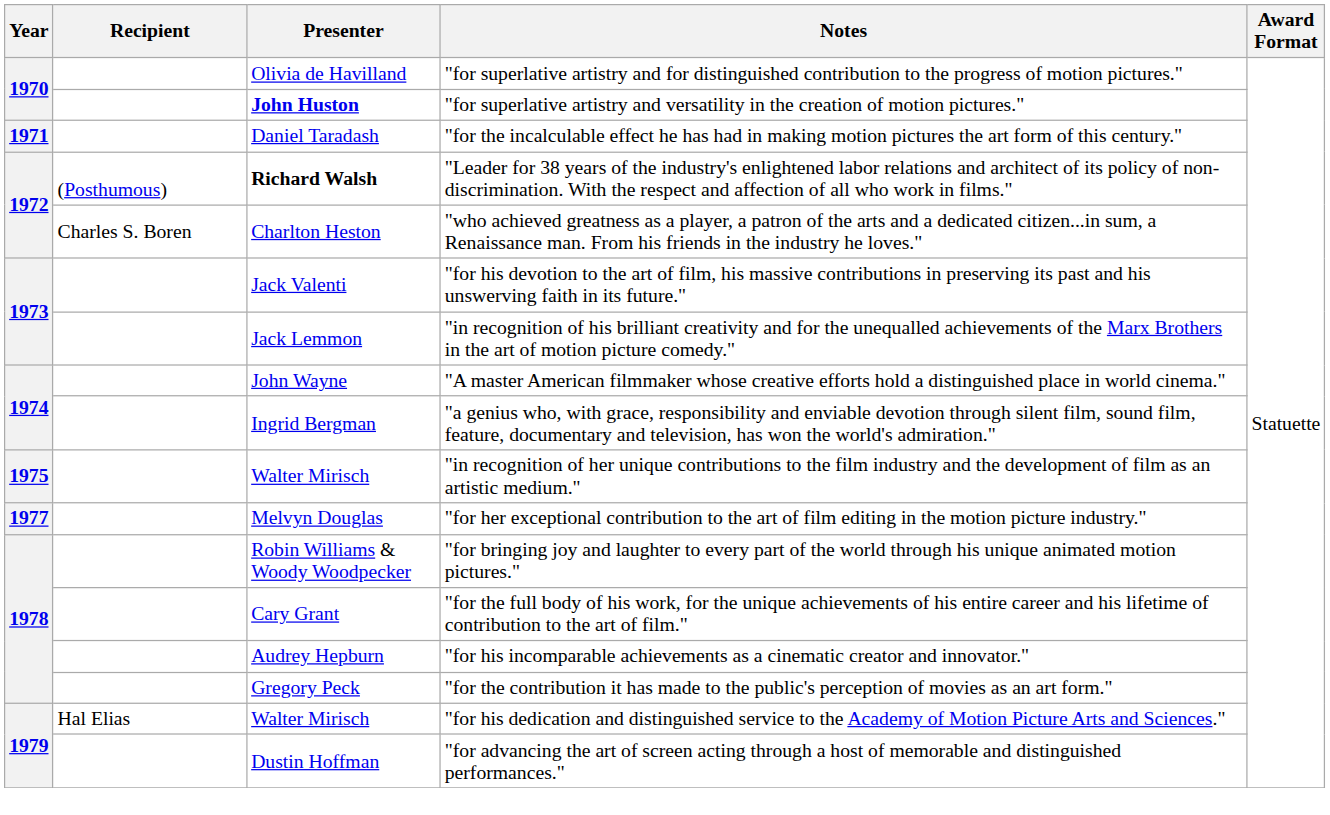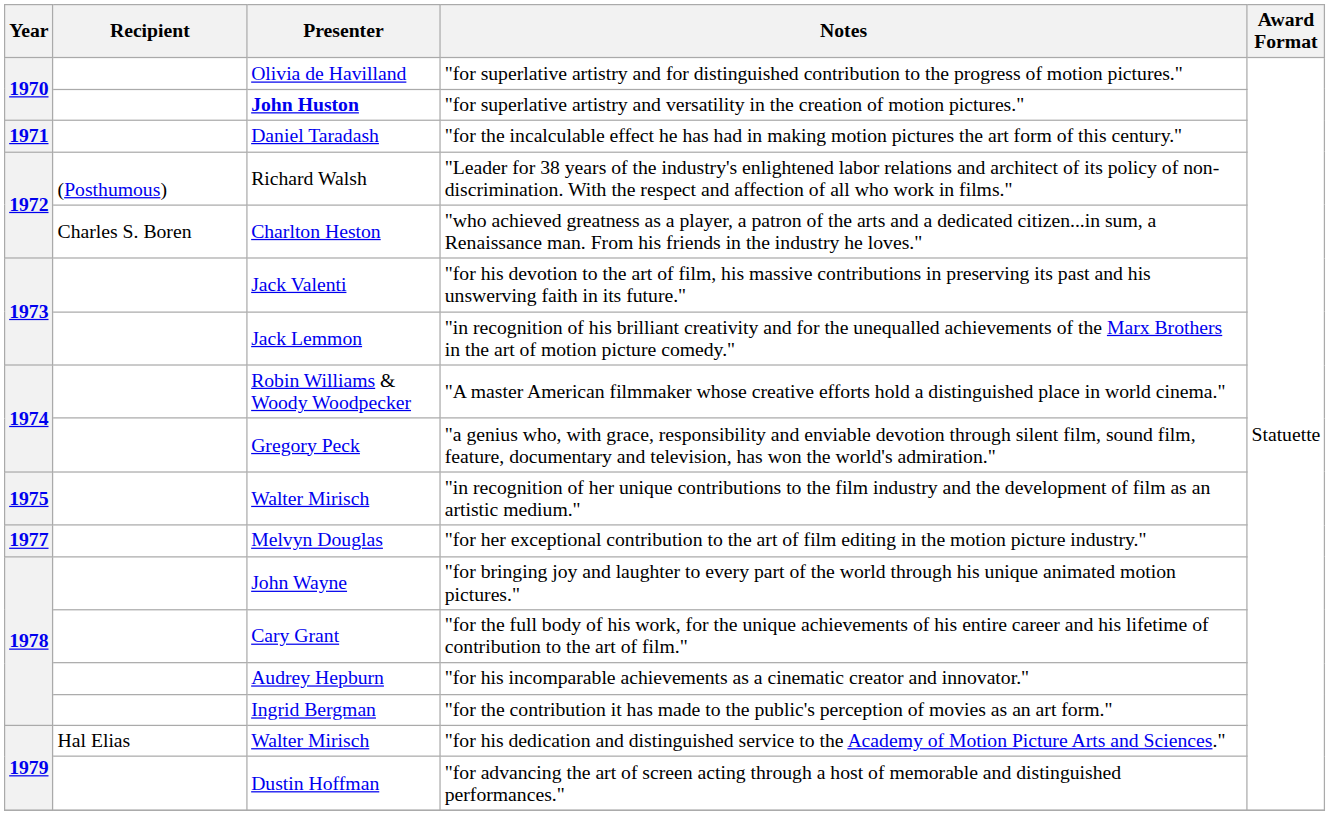 <table class="wikitable sortable" width="85%" style="background:#ffffff;" style="text-align:center;">
 <tr>
 <th width=30>Year</th>
 <th width=150>Recipient</th>
 <th width=150>Presenter</th>
 <th class=unsortable>Notes</th>
 <th width=50>Award Format</th>
 </tr>
 <tr>
 <th rowspan="2"><a href='#'>1970</a></th>
 <td></td>
 <td><a href='#'>Olivia de Havilland</a></td>
 <td>"for superlative artistry and for distinguished contribution to the progress of motion pictures."</td>
 <td rowspan="17">Statuette</td>
 </tr>
 <tr>
 <td></td>
 <td><strong><a href='#'>John Huston</a></strong></td>
 <td>"for superlative artistry and versatility in the creation of motion pictures."</td>
 </tr>
 <tr>
 <th><a href='#'>1971</a></th>
 <td></td>
 <td><a href='#'>Daniel Taradash</a></td>
 <td>"for the incalculable effect he has had in making motion pictures the art form of this century."</td>
 </tr>
 <tr>
 <th rowspan="2"><a href='#'>1972</a></th>
 <td><br>(<a href='#'>Posthumous</a>)</td>
-<td><strong>Richard Walsh</strong></td>
+<td>Richard Walsh</td>
 <td>"Leader for 38 years of the industry's enlightened labor relations and architect of its policy of non-discrimination. With the respect and affection of all who work in films."</td>
 </tr>
 <tr>
 <td>Charles S. Boren</td>
 <td><a href='#'>Charlton Heston</a></td>
 <td>"who achieved greatness as a player, a patron of the arts and a dedicated citizen...in sum, a Renaissance man. From his friends in the industry he loves."</td>
 </tr>
 <tr>
 <th rowspan="2"><a href='#'>1973</a></th>
 <td></td>
 <td><a href='#'>Jack Valenti</a></td>
 <td>"for his devotion to the art of film, his massive contributions in preserving its past and his unswerving faith in its future."</td>
 </tr>
 <tr>
 <td></td>
 <td><a href='#'>Jack Lemmon</a></td>
 <td>"in recognition of his brilliant creativity and for the unequalled achievements of the <a href='#'>Marx Brothers</a> in the art of motion picture comedy."</td>
 </tr>
 <tr>
 <th rowspan="2"><a href='#'>1974</a></th>
 <td></td>
-<td><a href='#'>John Wayne</a></td>
+<td><a href='#'>Robin Williams</a> & <a href='#'>Woody Woodpecker</a></td>
 <td>"A master American filmmaker whose creative efforts hold a distinguished place in world cinema."</td>
 </tr>
 <tr>
 <td></td>
-<td><a href='#'>Ingrid Bergman</a></td>
+<td><a href='#'>Gregory Peck</a></td>
 <td>"a genius who, with grace, responsibility and enviable devotion through silent film, sound film, feature, documentary and television, has won the world's admiration."</td>
 </tr>
 <tr>
 <th><a href='#'>1975</a></th>
 <td></td>
 <td><a href='#'>Walter Mirisch</a></td>
 <td>"in recognition of her unique contributions to the film industry and the development of film as an artistic medium."</td>
 </tr>
 <tr>
 <th><a href='#'>1977</a></th>
 <td></td>
 <td><a href='#'>Melvyn Douglas</a></td>
 <td>"for her exceptional contribution to the art of film editing in the motion picture industry."</td>
 </tr>
 <tr>
 <th rowspan="4"><a href='#'>1978</a></th>
 <td></td>
-<td><a href='#'>Robin Williams</a> & <a href='#'>Woody Woodpecker</a></td>
+<td><a href='#'>John Wayne</a></td>
 <td>"for bringing joy and laughter to every part of the world through his unique animated motion pictures."</td>
 </tr>
 <tr>
 <td></td>
 <td><a href='#'>Cary Grant</a></td>
 <td>"for the full body of his work, for the unique achievements of his entire career and his lifetime of contribution to the art of film."</td>
 </tr>
 <tr>
 <td></td>
 <td><a href='#'>Audrey Hepburn</a></td>
 <td>"for his incomparable achievements as a cinematic creator and innovator."</td>
 </tr>
 <tr>
 <td></td>
-<td><a href='#'>Gregory Peck</a></td>
+<td><a href='#'>Ingrid Bergman</a></td>
 <td>"for the contribution it has made to the public's perception of movies as an art form."</td>
 </tr>
 <tr>
 <th rowspan="2"><a href='#'>1979</a></th>
 <td>Hal Elias</td>
 <td><a href='#'>Walter Mirisch</a></td>
 <td>"for his dedication and distinguished service to the <a href='#'>Academy of Motion Picture Arts and Sciences</a>."</td>
 </tr>
 <tr>
 <td></td>
 <td><a href='#'>Dustin Hoffman</a></td>
 <td>"for advancing the art of screen acting through a host of memorable and distinguished performances."</td>
 </tr>
 <tr>
 </tr>
 </table>
